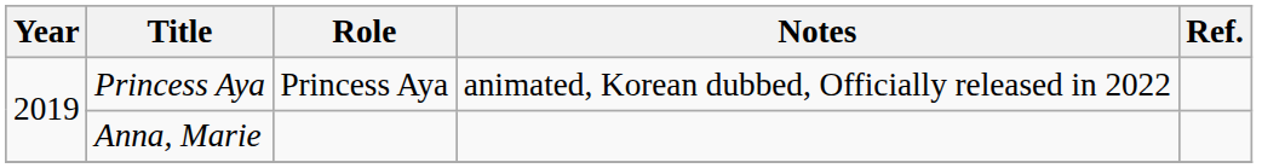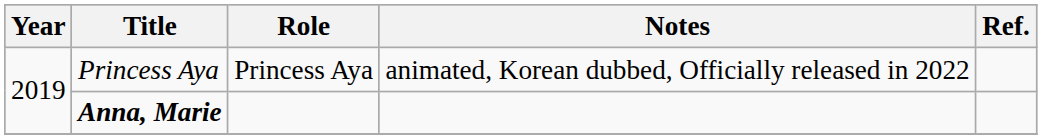 <table class="wikitable">
 <tr>
 <th>Year</th>
 <th>Title</th>
 <th>Role</th>
 <th>Notes</th>
 <th>Ref.</th>
 </tr>
 <tr>
 <td rowspan=2>2019</td>
 <td><em>Princess Aya </em></td>
 <td>Princess Aya</td>
 <td>animated, Korean dubbed, Officially released in 2022</td>
 <td></td>
 </tr>
 <tr>
-<td><em>Anna, Marie</em></td>
+<td><strong><em>Anna, Marie</em></strong></td>
 <td></td>
 <td></td>
 <td></td>
 </tr>
 <tr>
 </tr>
 </table>
